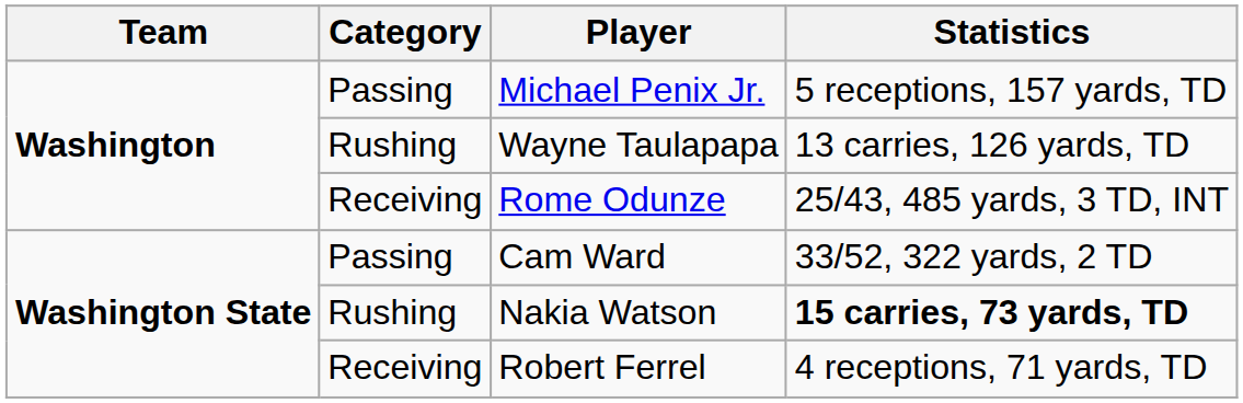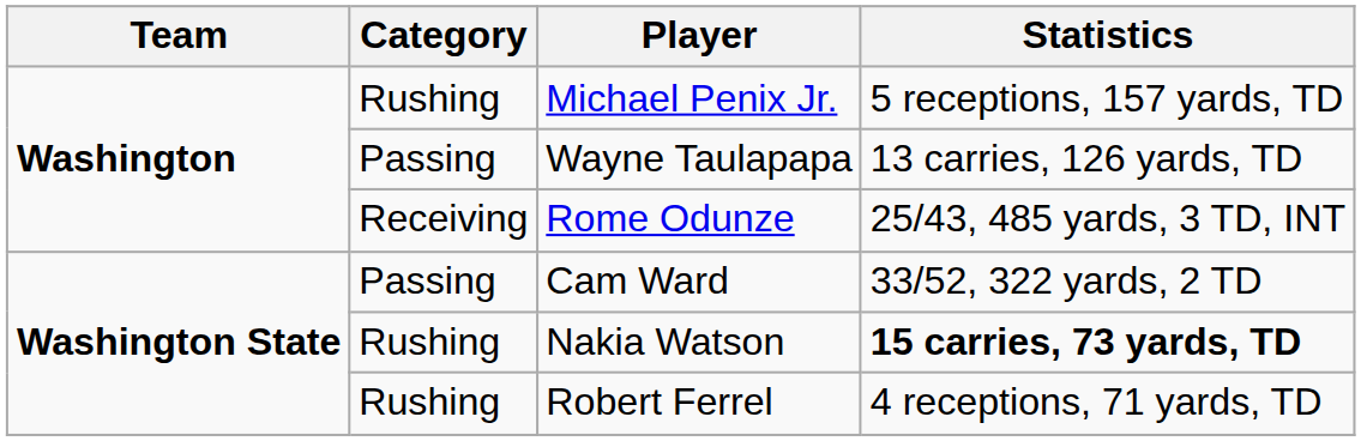 <table class="wikitable" style="float: right;">
 <tr>
 <th>Team</th>
 <th>Category</th>
 <th>Player</th>
 <th>Statistics</th>
 </tr>
 <tr>
 <td rowspan=3><strong>Washington</strong></td>
-<td>Passing</td>
+<td>Rushing</td>
 <td><a href='#'>Michael Penix Jr.</a></td>
 <td>5 receptions, 157 yards, TD</td>
 </tr>
 <tr>
-<td>Rushing</td>
+<td>Passing</td>
 <td>Wayne Taulapapa</td>
 <td>13 carries, 126 yards, TD</td>
 </tr>
 <tr>
 <td>Receiving</td>
 <td><a href='#'>Rome Odunze</a></td>
 <td>25/43, 485 yards, 3 TD, INT</td>
 </tr>
 <tr>
 <td rowspan=3><strong>Washington State</strong></td>
 <td>Passing</td>
 <td>Cam Ward</td>
 <td>33/52, 322 yards, 2 TD</td>
 </tr>
 <tr>
 <td>Rushing</td>
 <td>Nakia Watson</td>
 <td><strong>15 carries, 73 yards, TD</strong></td>
 </tr>
 <tr>
-<td>Receiving</td>
+<td>Rushing</td>
 <td>Robert Ferrel</td>
 <td>4 receptions, 71 yards, TD</td>
 </tr>
 </table>
